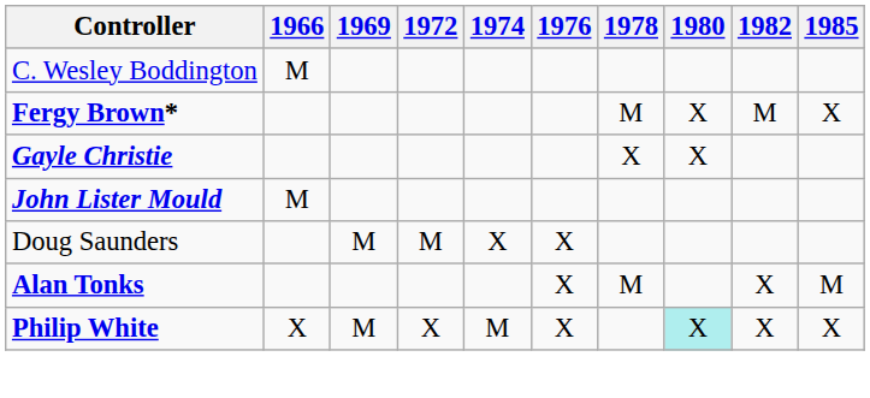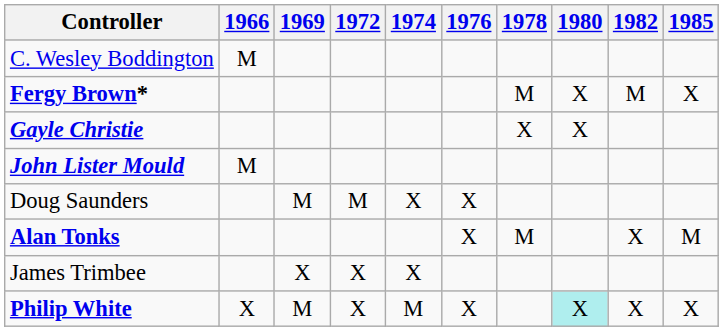 <table class="wikitable">
 <tr>
 <th>Controller</th>
 <th><a href='#'>1966</a></th>
 <th><a href='#'>1969</a></th>
 <th><a href='#'>1972</a></th>
 <th><a href='#'>1974</a></th>
 <th><a href='#'>1976</a></th>
 <th><a href='#'>1978</a></th>
 <th><a href='#'>1980</a></th>
 <th><a href='#'>1982</a></th>
 <th><a href='#'>1985</a></th>
 </tr>
 <tr align = "center">
 <td align = "left"><a href='#'>C. Wesley Boddington</a></td>
 <td>M</td>
 <td></td>
 <td></td>
 <td></td>
 <td></td>
 <td></td>
 <td></td>
 <td></td>
 <td></td>
 </tr>
 <tr align="center">
 <td align = "left"><strong><a href='#'>Fergy Brown</a>*</strong></td>
 <td></td>
 <td></td>
 <td></td>
 <td></td>
 <td></td>
 <td>M</td>
 <td>X</td>
 <td>M</td>
 <td>X</td>
 </tr>
 <tr align = "center">
 <td align = "left"><strong><em><a href='#'>Gayle Christie</a></em></strong></td>
 <td></td>
 <td></td>
 <td></td>
 <td></td>
 <td></td>
 <td>X</td>
 <td>X</td>
 <td></td>
 <td></td>
 </tr>
 <tr align = "center">
 <td align = "left"><strong><em><a href='#'>John Lister Mould</a></em></strong></td>
 <td>M</td>
 <td></td>
 <td></td>
 <td></td>
 <td></td>
 <td></td>
 <td></td>
 <td></td>
 <td></td>
 </tr>
 <tr align = "center">
 <td align = "left">Doug Saunders</td>
 <td></td>
 <td>M</td>
 <td>M</td>
 <td>X</td>
 <td>X</td>
 <td></td>
 <td></td>
 <td></td>
 <td></td>
 </tr>
 <tr align = "center">
 <td align = "left"><strong><a href='#'>Alan Tonks</a></strong></td>
 <td></td>
 <td></td>
 <td></td>
 <td></td>
 <td>X</td>
 <td>M</td>
 <td></td>
 <td>X</td>
 <td>M</td>
 </tr>
 <tr align = "center">
+<td align = "left">James Trimbee</td>
+<td></td>
+<td>X</td>
+<td>X</td>
+<td>X</td>
+<td></td>
+<td></td>
+<td></td>
+<td></td>
+<td></td>
+</tr>
+<tr align = "center">
 <td align = "left"><strong><a href='#'>Philip White</a></strong></td>
 <td>X</td>
 <td>M</td>
 <td>X</td>
 <td>M</td>
 <td>X</td>
 <td></td>
 <td style="background: paleturquoise;">X</td>
 <td>X</td>
 <td>X</td>
 </tr>
 </table>
